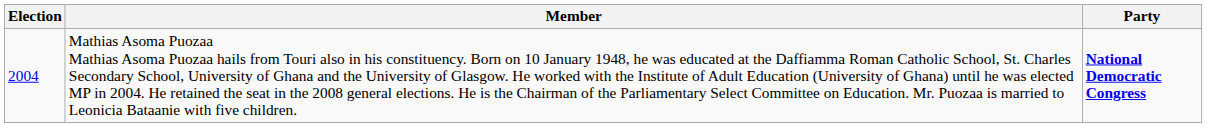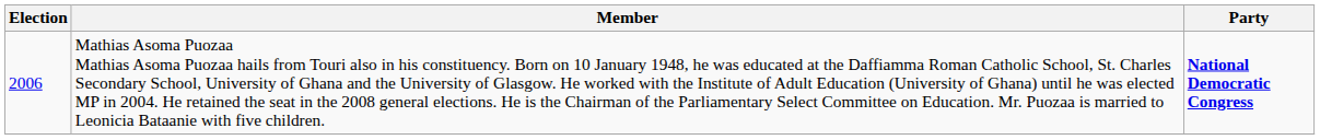 <table class="wikitable">
 <tr>
 <th>Election</th>
 <th>Member</th>
 <th>Party</th>
 </tr>
 <tr>
-<td><a href='#'>2004</a></td>
+<td><a href='#'>2006</a></td>
 <td>Mathias Asoma Puozaa<br>Mathias Asoma Puozaa hails from Touri also in his constituency. Born on 10 January 1948, he was educated at the Daffiamma Roman Catholic School, St. Charles Secondary School, University of Ghana and the University of Glasgow. He worked with the Institute of Adult Education (University of Ghana) until he was elected MP in 2004. He retained the seat in the 2008 general elections. He is the Chairman of the Parliamentary Select Committee on Education. Mr. Puozaa is married to Leonicia Bataanie with five children.</td>
 <td><strong><a href='#'>National Democratic Congress</a></strong></td>
 </tr>
 <tr>
 </tr>
 </table>
